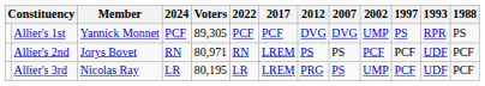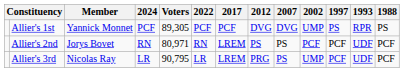 <table class="wikitable sortable">
 <tr>
 <th colspan="2">Constituency</th>
 <th>Member</th>
 <th>2024</th>
 <th>Voters</th>
 <th>2022</th>
 <th>2017</th>
 <th>2012</th>
 <th>2007</th>
 <th>2002</th>
 <th>1997</th>
 <th>1993</th>
 <th>1988</th>
 </tr>
 <tr>
 <td style="background-color: "></td>
 <td><a href='#'>Allier's 1st</a></td>
 <td><a href='#'>Yannick Monnet</a></td>
 <td><a href='#'>PCF</a></td>
 <td>89,305</td>
 <td><a href='#'>PCF</a></td>
 <td><a href='#'>PCF</a></td>
 <td bgcolor=><a href='#'>DVG</a></td>
 <td bgcolor=><a href='#'>DVG</a></td>
 <td bgcolor=><a href='#'>UMP</a></td>
 <td bgcolor=><a href='#'>PS</a></td>
 <td bgcolor=><a href='#'>RPR</a></td>
 <td bgcolor=>PS</td>
 </tr>
 <tr>
 <td style="background-color: "></td>
 <td><a href='#'>Allier's 2nd</a></td>
 <td><a href='#'>Jorys Bovet</a></td>
 <td><a href='#'>RN</a></td>
 <td>80,971</td>
 <td><a href='#'>RN</a></td>
 <td><a href='#'>LREM</a></td>
 <td bgcolor=><a href='#'>PS</a></td>
 <td bgcolor=>PS</td>
 <td bgcolor=><a href='#'>PCF</a></td>
 <td bgcolor=>PCF</td>
 <td bgcolor=><a href='#'>UDF</a></td>
 <td bgcolor=>PCF</td>
 </tr>
 <tr>
 <td style="background-color: "></td>
 <td><a href='#'>Allier's 3rd</a></td>
 <td><a href='#'>Nicolas Ray</a></td>
 <td><a href='#'>LR</a></td>
-<td>80,195</td>
+<td>90,795</td>
 <td><a href='#'>LR</a></td>
 <td><a href='#'>LREM</a></td>
 <td bgcolor=><a href='#'>PRG</a></td>
 <td bgcolor=><a href='#'>PS</a></td>
 <td bgcolor=><a href='#'>UMP</a></td>
 <td bgcolor=><a href='#'>PCF</a></td>
 <td bgcolor=><a href='#'>UDF</a></td>
 <td bgcolor=>PCF</td>
 </tr>
 </table>
